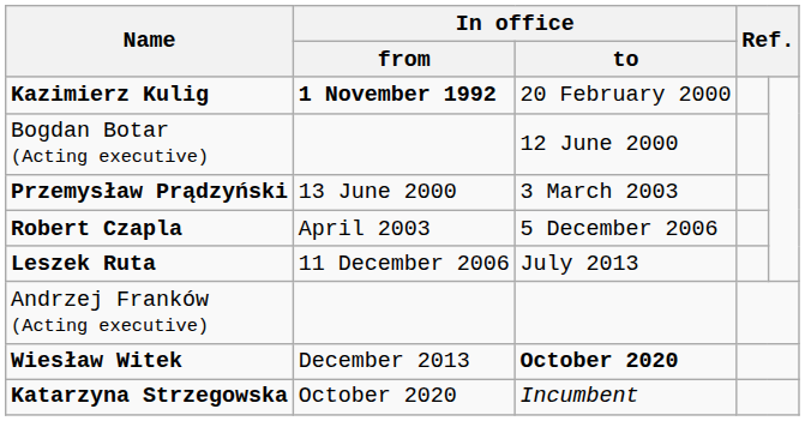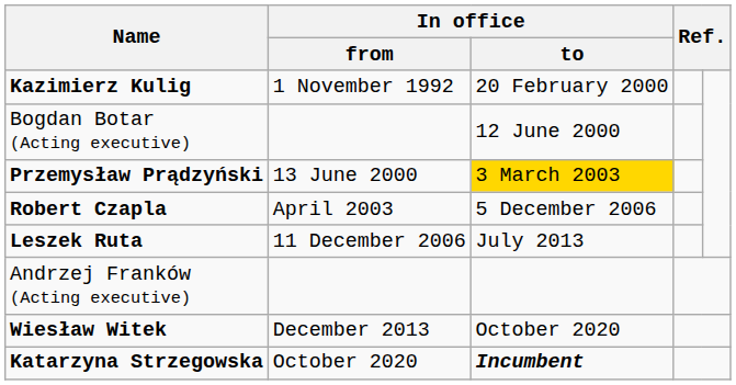 <table class="wikitable">
 <tr>
 <th rowspan="2">Name</th>
 <th colspan="2">In office</th>
 <th colspan="2" rowspan="2">Ref.</th>
 </tr>
 <tr>
 <th>from</th>
 <th>to</th>
 </tr>
 <tr>
 <td><strong>Kazimierz Kulig</strong></td>
-<td><strong>1 November 1992</strong></td>
+<td>1 November 1992</td>
 <td>20 February 2000</td>
 <td></td>
 <td rowspan="5"></td>
 </tr>
 <tr>
 <td>Bogdan Botar<br><small>(Acting executive)</small></td>
 <td></td>
 <td>12 June 2000</td>
 <td></td>
 </tr>
 <tr>
 <td><strong>Przemysław Prądzyński</strong></td>
 <td>13 June 2000</td>
-<td>3 March 2003</td>
+<td style="background: gold;">3 March 2003</td>
 <td></td>
 </tr>
 <tr>
 <td><strong>Robert Czapla</strong></td>
 <td>April 2003</td>
 <td>5 December 2006</td>
 <td></td>
 </tr>
 <tr>
 <td><strong>Leszek Ruta</strong></td>
 <td>11 December 2006</td>
 <td>July 2013</td>
 <td></td>
 </tr>
 <tr>
 <td>Andrzej Franków<br><small>(Acting executive)</small></td>
 <td></td>
 <td></td>
 <td colspan="2"></td>
 </tr>
 <tr>
 <td><strong>Wiesław Witek</strong></td>
 <td>December 2013</td>
-<td><strong>October 2020</strong></td>
+<td>October 2020</td>
 <td colspan="2"></td>
 </tr>
 <tr>
 <td><strong>Katarzyna Strzegowska</strong></td>
 <td>October 2020</td>
-<td><em>Incumbent</em></td>
+<td><strong><em>Incumbent</em></strong></td>
 <td colspan="2"></td>
 </tr>
 </table>
